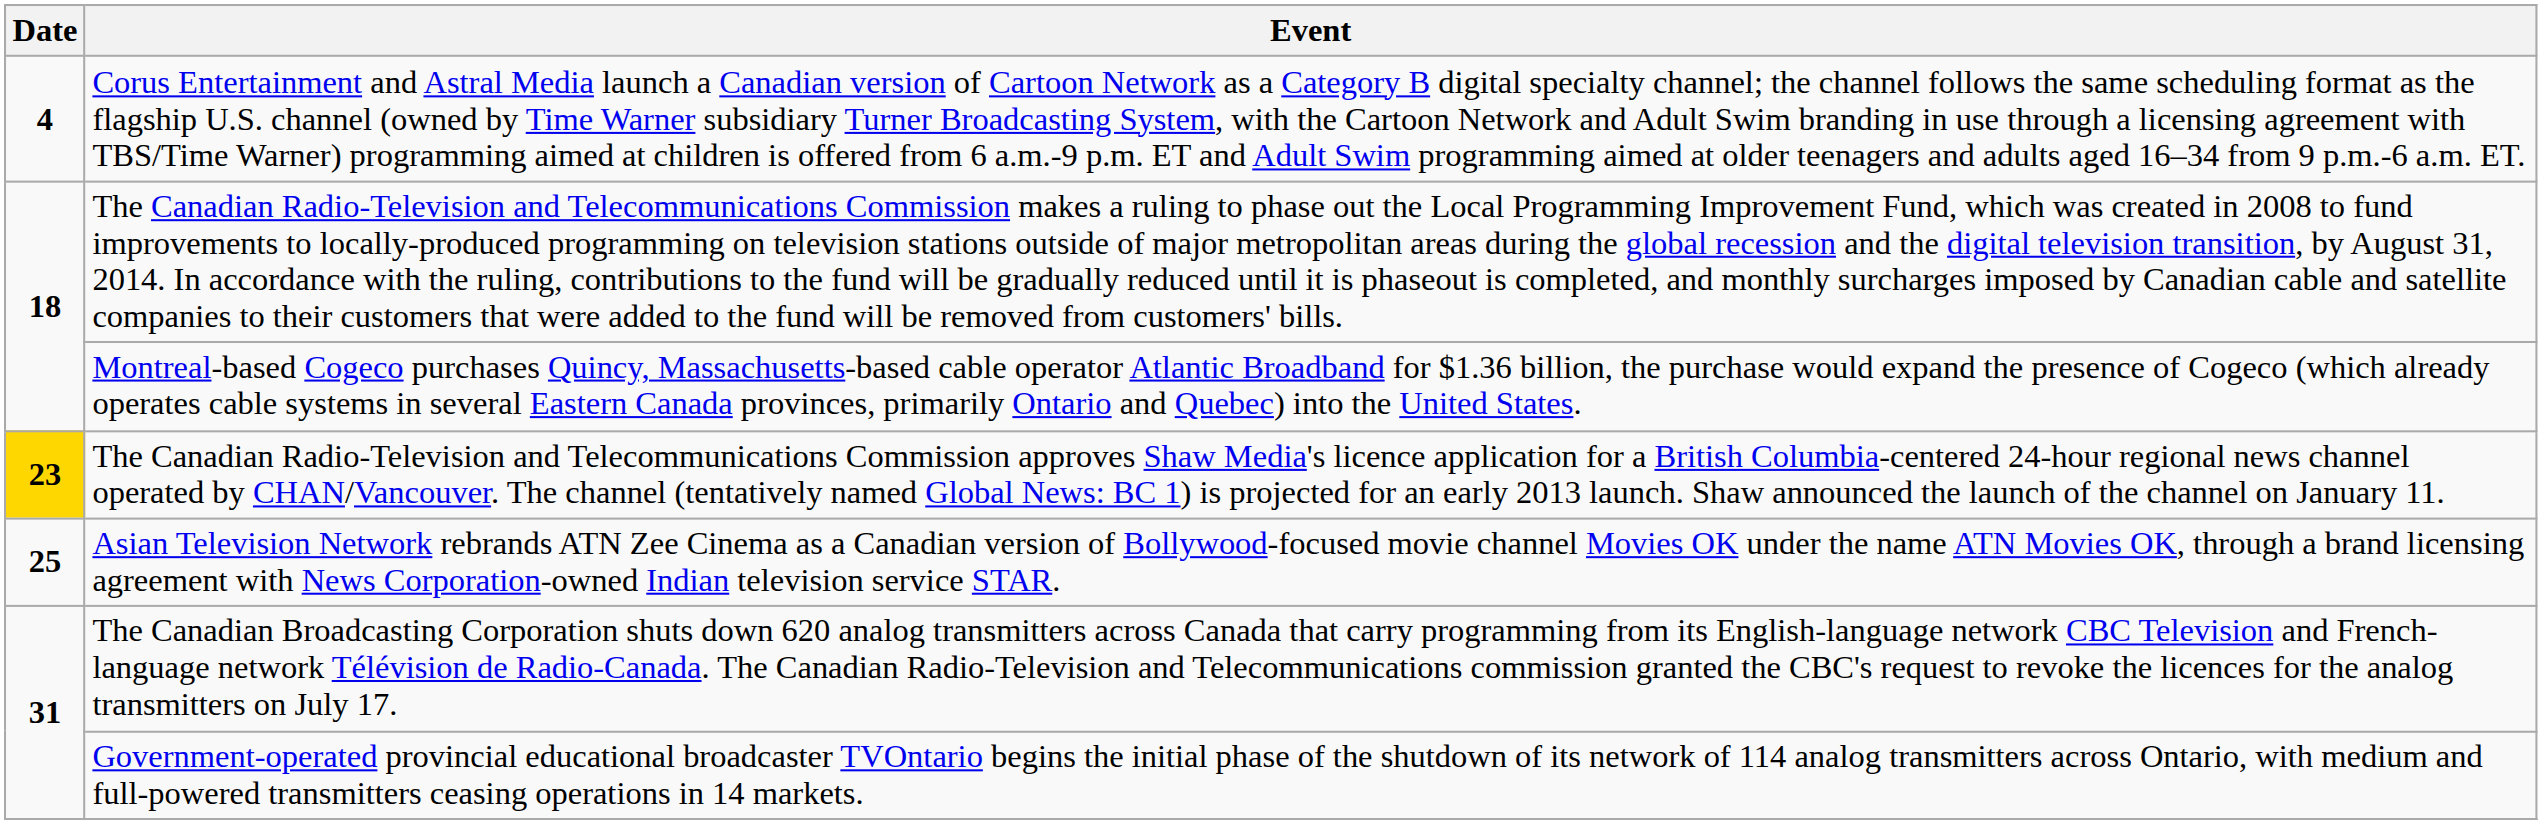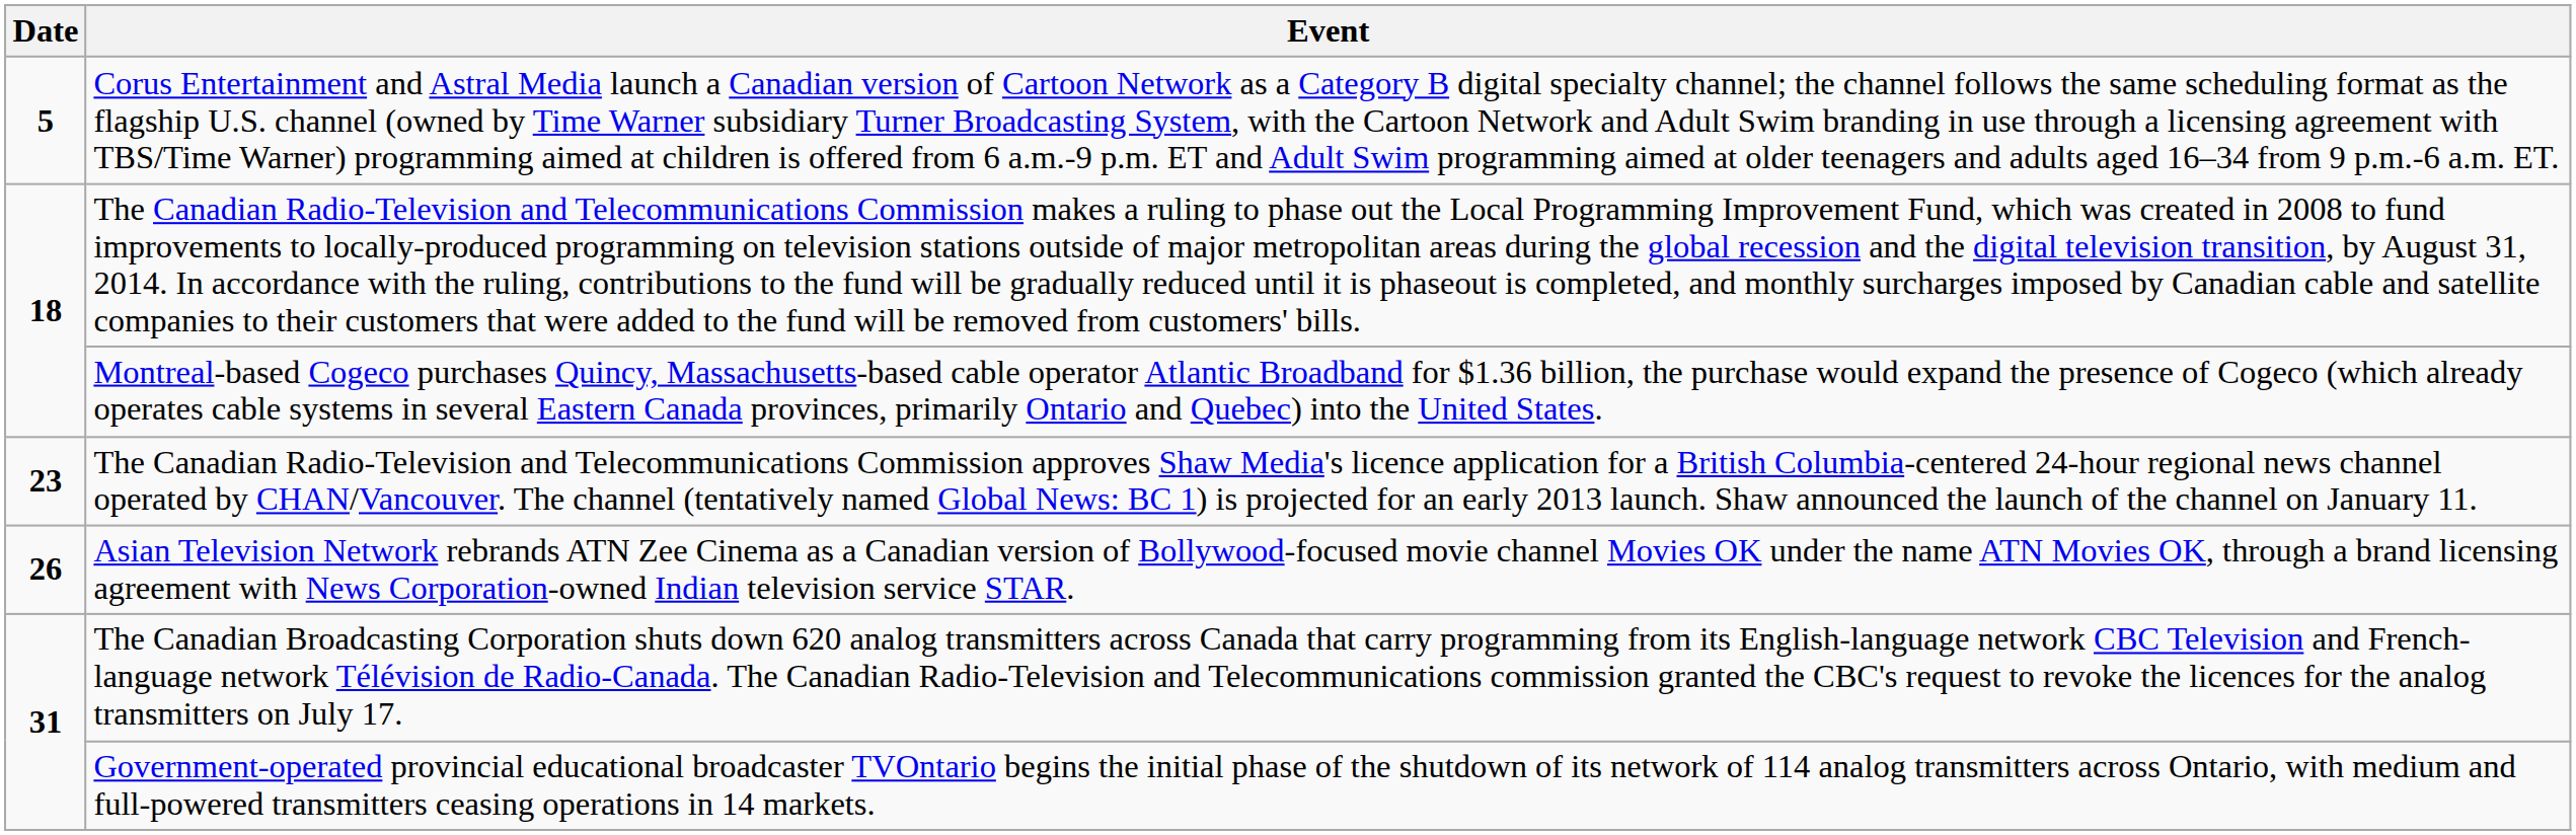 <table class="wikitable">
 <tr>
 <th>Date</th>
 <th>Event</th>
 </tr>
 <tr>
-<td style="text-align:center;"><strong>4</strong></td>
+<td style="text-align:center;"><strong>5</strong></td>
 <td><a href='#'>Corus Entertainment</a> and <a href='#'>Astral Media</a> launch a <a href='#'>Canadian version</a> of <a href='#'>Cartoon Network</a> as a <a href='#'>Category B</a> digital specialty channel; the channel follows the same scheduling format as the flagship U.S. channel (owned by <a href='#'>Time Warner</a> subsidiary <a href='#'>Turner Broadcasting System</a>, with the Cartoon Network and Adult Swim branding in use through a licensing agreement with TBS/Time Warner) programming aimed at children is offered from 6 a.m.-9 p.m. ET and <a href='#'>Adult Swim</a> programming aimed at older teenagers and adults aged 16–34 from 9 p.m.-6 a.m. ET.</td>
 </tr>
 <tr>
 <td style="text-align:center;" rowspan="2"><strong>18</strong></td>
 <td>The <a href='#'>Canadian Radio-Television and Telecommunications Commission</a> makes a ruling to phase out the Local Programming Improvement Fund, which was created in 2008 to fund improvements to locally-produced programming on television stations outside of major metropolitan areas during the <a href='#'>global recession</a> and the <a href='#'>digital television transition</a>, by August 31, 2014. In accordance with the ruling, contributions to the fund will be gradually reduced until it is phaseout is completed, and monthly surcharges imposed by Canadian cable and satellite companies to their customers that were added to the fund will be removed from customers' bills.</td>
 </tr>
 <tr>
 <td><a href='#'>Montreal</a>-based <a href='#'>Cogeco</a> purchases <a href='#'>Quincy, Massachusetts</a>-based cable operator <a href='#'>Atlantic Broadband</a> for $1.36 billion, the purchase would expand the presence of Cogeco (which already operates cable systems in several <a href='#'>Eastern Canada</a> provinces, primarily <a href='#'>Ontario</a> and <a href='#'>Quebec</a>) into the <a href='#'>United States</a>.</td>
 </tr>
 <tr>
-<td style="background: gold; text-align:center;"><strong>23</strong></td>
+<td style="text-align:center;"><strong>23</strong></td>
 <td>The Canadian Radio-Television and Telecommunications Commission approves <a href='#'>Shaw Media</a>'s licence application for a <a href='#'>British Columbia</a>-centered 24-hour regional news channel operated by <a href='#'>CHAN</a>/<a href='#'>Vancouver</a>. The channel (tentatively named <a href='#'>Global News: BC 1</a>) is projected for an early 2013 launch. Shaw announced the launch of the channel on January 11.</td>
 </tr>
 <tr>
-<td style="text-align:center;"><strong>25</strong></td>
+<td style="text-align:center;"><strong>26</strong></td>
 <td><a href='#'>Asian Television Network</a> rebrands ATN Zee Cinema as a Canadian version of <a href='#'>Bollywood</a>-focused movie channel <a href='#'>Movies OK</a> under the name <a href='#'>ATN Movies OK</a>, through a brand licensing agreement with <a href='#'>News Corporation</a>-owned <a href='#'>Indian</a> television service <a href='#'>STAR</a>.</td>
 </tr>
 <tr>
 <td style="text-align:center;" rowspan="2"><strong>31</strong></td>
 <td>The Canadian Broadcasting Corporation shuts down 620 analog transmitters across Canada that carry programming from its English-language network <a href='#'>CBC Television</a> and French-language network <a href='#'>Télévision de Radio-Canada</a>. The Canadian Radio-Television and Telecommunications commission granted the CBC's request to revoke the licences for the analog transmitters on July 17.</td>
 </tr>
 <tr>
 <td><a href='#'>Government-operated</a> provincial educational broadcaster <a href='#'>TVOntario</a> begins the initial phase of the shutdown of its network of 114 analog transmitters across Ontario, with medium and full-powered transmitters ceasing operations in 14 markets.</td>
 </tr>
 <tr>
 </tr>
 </table>
